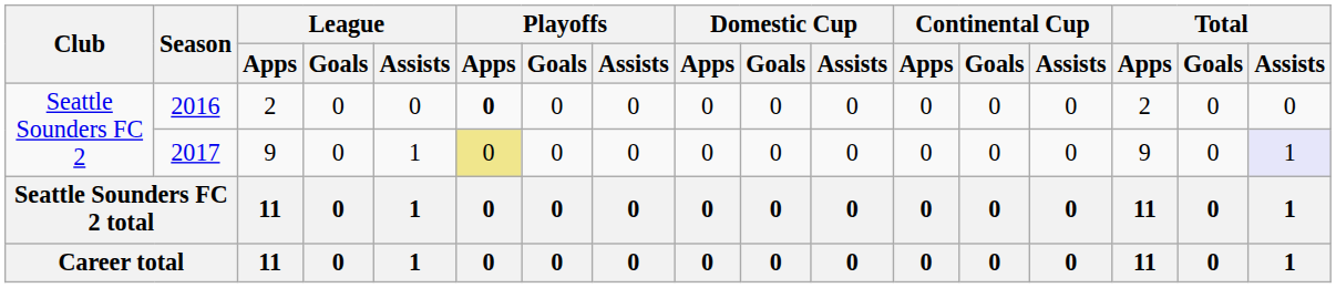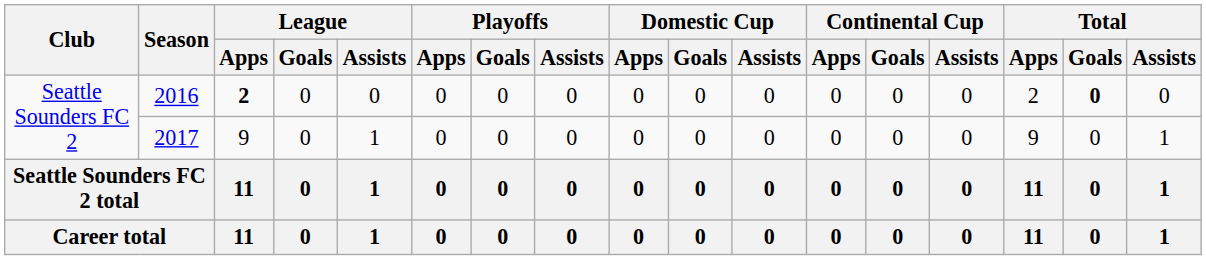 <table class="wikitable" style="text-align:center;">
 <tr>
 <th rowspan="2">Club</th>
 <th rowspan="2">Season</th>
 <th colspan="3">League</th>
 <th colspan="3">Playoffs</th>
 <th colspan="3">Domestic Cup</th>
 <th colspan="3">Continental Cup</th>
 <th colspan="3">Total</th>
 </tr>
 <tr>
 <th>Apps</th>
 <th>Goals</th>
 <th>Assists</th>
 <th>Apps</th>
 <th>Goals</th>
 <th>Assists</th>
 <th>Apps</th>
 <th>Goals</th>
 <th>Assists</th>
 <th>Apps</th>
 <th>Goals</th>
 <th>Assists</th>
 <th>Apps</th>
 <th>Goals</th>
 <th>Assists</th>
 </tr>
 <tr>
 <td rowspan="2"><a href='#'>Seattle Sounders FC 2</a></td>
 <td><a href='#'>2016</a></td>
-<td>2</td>
+<td><strong>2</strong></td>
 <td>0</td>
 <td>0</td>
-<td><strong>0</strong></td>
+<td>0</td>
 <td>0</td>
 <td>0</td>
 <td>0</td>
 <td>0</td>
 <td>0</td>
 <td>0</td>
 <td>0</td>
 <td>0</td>
 <td>2</td>
-<td>0</td>
+<td><strong>0</strong></td>
 <td>0</td>
 </tr>
 <tr>
 <td><a href='#'>2017</a></td>
 <td>9</td>
 <td>0</td>
 <td>1</td>
-<td style="background: khaki;">0</td>
+<td>0</td>
 <td>0</td>
 <td>0</td>
 <td>0</td>
 <td>0</td>
 <td>0</td>
 <td>0</td>
 <td>0</td>
 <td>0</td>
 <td>9</td>
 <td>0</td>
-<td style="background: lavender;">1</td>
+<td>1</td>
 </tr>
 <tr>
 <th colspan="2">Seattle Sounders FC 2 total</th>
 <th>11</th>
 <th>0</th>
 <th>1</th>
 <th>0</th>
 <th>0</th>
 <th>0</th>
 <th>0</th>
 <th>0</th>
 <th>0</th>
 <th>0</th>
 <th>0</th>
 <th>0</th>
 <th>11</th>
 <th>0</th>
 <th>1</th>
 </tr>
 <tr>
 <th colspan="2">Career total</th>
 <th>11</th>
 <th>0</th>
 <th>1</th>
 <th>0</th>
 <th>0</th>
 <th>0</th>
 <th>0</th>
 <th>0</th>
 <th>0</th>
 <th>0</th>
 <th>0</th>
 <th>0</th>
 <th>11</th>
 <th>0</th>
 <th>1</th>
 </tr>
 </table>
